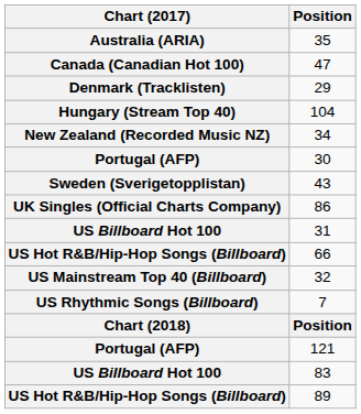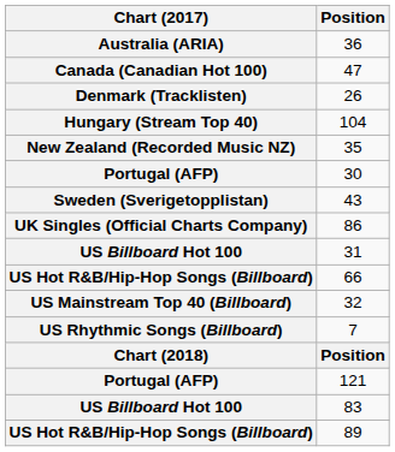 <table class="wikitable sortable plainrowheaders" style="text-align:center">
 <tr>
 <th scope="col">Chart (2017)</th>
 <th scope="col">Position</th>
 </tr>
 <tr>
 <th scope="row">Australia (ARIA)</th>
-<td>35</td>
+<td>36</td>
 </tr>
 <tr>
 <th scope="row">Canada (Canadian Hot 100)</th>
 <td>47</td>
 </tr>
 <tr>
 <th scope="row">Denmark (Tracklisten)</th>
-<td>29</td>
+<td>26</td>
 </tr>
 <tr>
 <th scope="row">Hungary (Stream Top 40)</th>
 <td>104</td>
 </tr>
 <tr>
 <th scope="row">New Zealand (Recorded Music NZ)</th>
-<td>34</td>
+<td>35</td>
 </tr>
 <tr>
 <th scope="row">Portugal (AFP)</th>
 <td>30</td>
 </tr>
 <tr>
 <th scope="row">Sweden (Sverigetopplistan)</th>
 <td>43</td>
 </tr>
 <tr>
 <th scope="row">UK Singles (Official Charts Company)</th>
 <td>86</td>
 </tr>
 <tr>
 <th scope="row">US <em>Billboard</em> Hot 100</th>
 <td>31</td>
 </tr>
 <tr>
 <th scope="row">US Hot R&B/Hip-Hop Songs (<em>Billboard</em>)</th>
 <td>66</td>
 </tr>
 <tr>
 <th scope="row">US Mainstream Top 40 (<em>Billboard</em>)</th>
 <td>32</td>
 </tr>
 <tr>
 <th scope="row">US Rhythmic Songs (<em>Billboard</em>)</th>
 <td>7</td>
 </tr>
 <tr>
 <th scope="col">Chart (2018)</th>
 <th scope="col">Position</th>
 </tr>
 <tr>
 <th scope="row">Portugal (AFP)</th>
 <td>121</td>
 </tr>
 <tr>
 <th scope="row">US <em>Billboard</em> Hot 100</th>
 <td>83</td>
 </tr>
 <tr>
 <th scope="row">US Hot R&B/Hip-Hop Songs (<em>Billboard</em>)</th>
 <td>89</td>
 </tr>
 </table>
